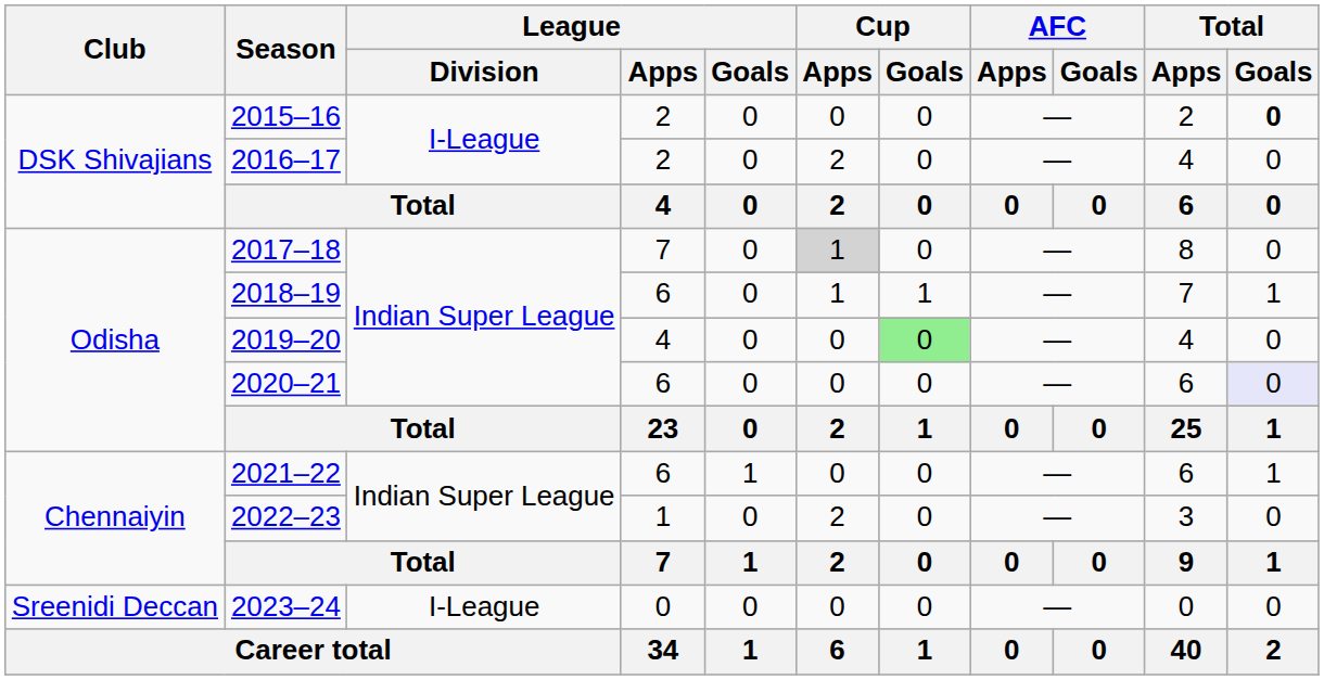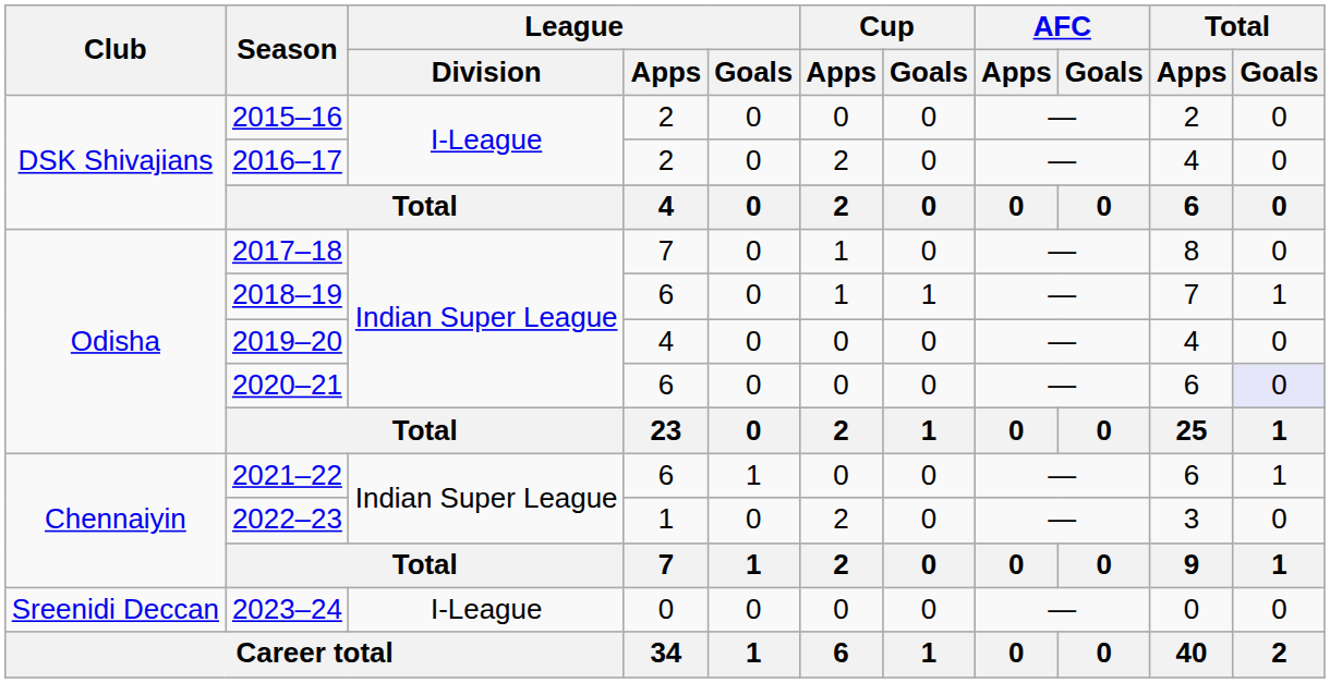 <table class="wikitable" style="text-align: center;">
 <tr>
 <th rowspan="2">Club</th>
 <th rowspan="2">Season</th>
 <th colspan="3">League</th>
 <th colspan="2">Cup</th>
 <th colspan="2"><a href='#'>AFC</a></th>
 <th colspan="2">Total</th>
 </tr>
 <tr>
 <th>Division</th>
 <th>Apps</th>
 <th>Goals</th>
 <th>Apps</th>
 <th>Goals</th>
 <th>Apps</th>
 <th>Goals</th>
 <th>Apps</th>
 <th>Goals</th>
 </tr>
 <tr>
 <td rowspan="3"><a href='#'>DSK Shivajians</a></td>
 <td><a href='#'>2015–16</a></td>
 <td rowspan="2"><a href='#'>I-League</a></td>
 <td>2</td>
 <td>0</td>
 <td>0</td>
 <td>0</td>
 <td colspan="2">—</td>
 <td>2</td>
-<td><strong>0</strong></td>
+<td>0</td>
 </tr>
 <tr>
 <td><a href='#'>2016–17</a></td>
 <td>2</td>
 <td>0</td>
 <td>2</td>
 <td>0</td>
 <td colspan="2">—</td>
 <td>4</td>
 <td>0</td>
 </tr>
 <tr>
 <th colspan="2">Total</th>
 <th>4</th>
 <th>0</th>
 <th>2</th>
 <th>0</th>
 <th>0</th>
 <th>0</th>
 <th>6</th>
 <th>0</th>
 </tr>
 <tr>
 <td rowspan="5"><a href='#'>Odisha</a></td>
 <td><a href='#'>2017–18</a></td>
 <td rowspan="4"><a href='#'>Indian Super League</a></td>
 <td>7</td>
 <td>0</td>
-<td style="background: lightgrey;">1</td>
+<td>1</td>
 <td>0</td>
 <td colspan="2">—</td>
 <td>8</td>
 <td>0</td>
 </tr>
 <tr>
 <td><a href='#'>2018–19</a></td>
 <td>6</td>
 <td>0</td>
 <td>1</td>
 <td>1</td>
 <td colspan="2">—</td>
 <td>7</td>
 <td>1</td>
 </tr>
 <tr>
 <td><a href='#'>2019–20</a></td>
 <td>4</td>
 <td>0</td>
 <td>0</td>
-<td style="background: lightgreen;">0</td>
+<td>0</td>
 <td colspan="2">—</td>
 <td>4</td>
 <td>0</td>
 </tr>
 <tr>
 <td><a href='#'>2020–21</a></td>
 <td>6</td>
 <td>0</td>
 <td>0</td>
 <td>0</td>
 <td colspan="2">—</td>
 <td>6</td>
 <td style="background: lavender;">0</td>
 </tr>
 <tr>
 <th colspan="2">Total</th>
 <th>23</th>
 <th>0</th>
 <th>2</th>
 <th>1</th>
 <th>0</th>
 <th>0</th>
 <th>25</th>
 <th>1</th>
 </tr>
 <tr>
 <td rowspan="3"><a href='#'>Chennaiyin</a></td>
 <td><a href='#'>2021–22</a></td>
 <td rowspan="2">Indian Super League</td>
 <td>6</td>
 <td>1</td>
 <td>0</td>
 <td>0</td>
 <td colspan="2">—</td>
 <td>6</td>
 <td>1</td>
 </tr>
 <tr>
 <td><a href='#'>2022–23</a></td>
 <td>1</td>
 <td>0</td>
 <td>2</td>
 <td>0</td>
 <td colspan="2">—</td>
 <td>3</td>
 <td>0</td>
 </tr>
 <tr>
 <th colspan="2">Total</th>
 <th>7</th>
 <th>1</th>
 <th>2</th>
 <th>0</th>
 <th>0</th>
 <th>0</th>
 <th>9</th>
 <th>1</th>
 </tr>
 <tr>
 <td rowspan="1"><a href='#'>Sreenidi Deccan</a></td>
 <td><a href='#'>2023–24</a></td>
 <td rowspan="1">I-League</td>
 <td>0</td>
 <td>0</td>
 <td>0</td>
 <td>0</td>
 <td colspan="2">—</td>
 <td>0</td>
 <td>0</td>
 </tr>
 <tr>
 <th colspan="3">Career total</th>
 <th>34</th>
 <th>1</th>
 <th>6</th>
 <th>1</th>
 <th>0</th>
 <th>0</th>
 <th>40</th>
 <th>2</th>
 </tr>
 </table>
